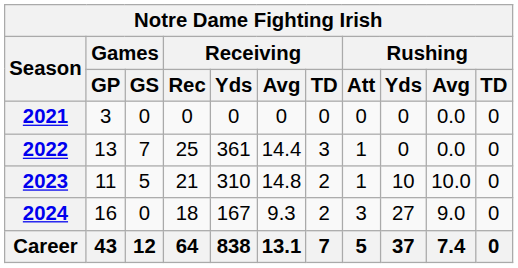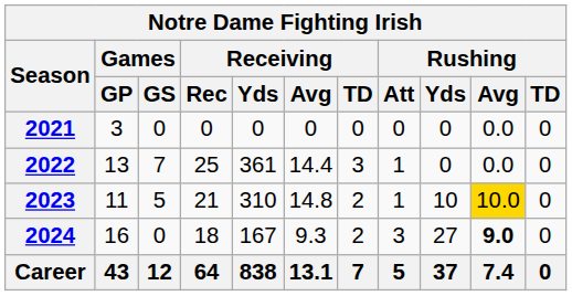 <table class="wikitable" style="text-align:center;">
 <tr>
 <th colspan="15">Notre Dame Fighting Irish</th>
 </tr>
 <tr>
 <th rowspan="2">Season</th>
 <th colspan="2">Games</th>
 <th colspan="4">Receiving</th>
 <th colspan="4">Rushing</th>
 </tr>
 <tr>
 <th>GP</th>
 <th>GS</th>
 <th>Rec</th>
 <th>Yds</th>
 <th>Avg</th>
 <th>TD</th>
 <th>Att</th>
 <th>Yds</th>
 <th>Avg</th>
 <th>TD</th>
 </tr>
 <tr>
 <th><a href='#'>2021</a></th>
 <td>3</td>
 <td>0</td>
 <td>0</td>
 <td>0</td>
 <td>0</td>
 <td>0</td>
 <td>0</td>
 <td>0</td>
 <td>0.0</td>
 <td>0</td>
 </tr>
 <tr>
 <th><a href='#'>2022</a></th>
 <td>13</td>
 <td>7</td>
 <td>25</td>
 <td>361</td>
 <td>14.4</td>
 <td>3</td>
 <td>1</td>
 <td>0</td>
 <td>0.0</td>
 <td>0</td>
 </tr>
 <tr>
 <th><a href='#'>2023</a></th>
 <td>11</td>
 <td>5</td>
 <td>21</td>
 <td>310</td>
 <td>14.8</td>
 <td>2</td>
 <td>1</td>
 <td>10</td>
-<td>10.0</td>
+<td style="background: gold;">10.0</td>
 <td>0</td>
 </tr>
 <tr>
 <th><a href='#'>2024</a></th>
 <td>16</td>
 <td>0</td>
 <td>18</td>
 <td>167</td>
 <td>9.3</td>
 <td>2</td>
 <td>3</td>
 <td>27</td>
-<td>9.0</td>
+<td><strong>9.0</strong></td>
 <td>0</td>
 </tr>
 <tr>
 <th>Career</th>
 <th>43</th>
 <th>12</th>
 <th>64</th>
 <th>838</th>
 <th>13.1</th>
 <th>7</th>
 <th>5</th>
 <th>37</th>
 <th>7.4</th>
 <th>0</th>
 </tr>
 </table>
